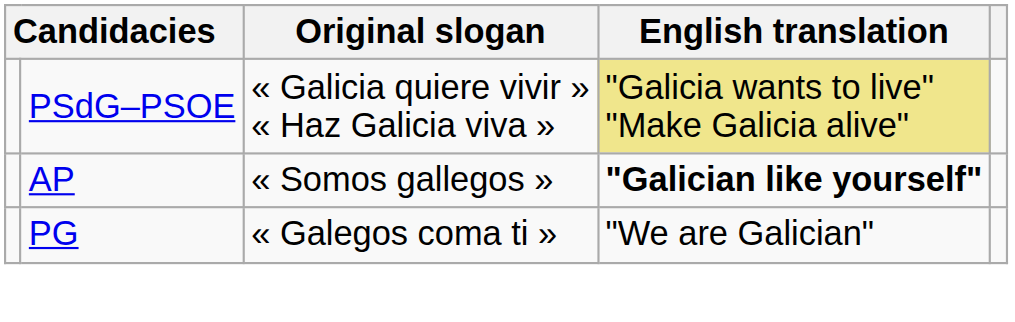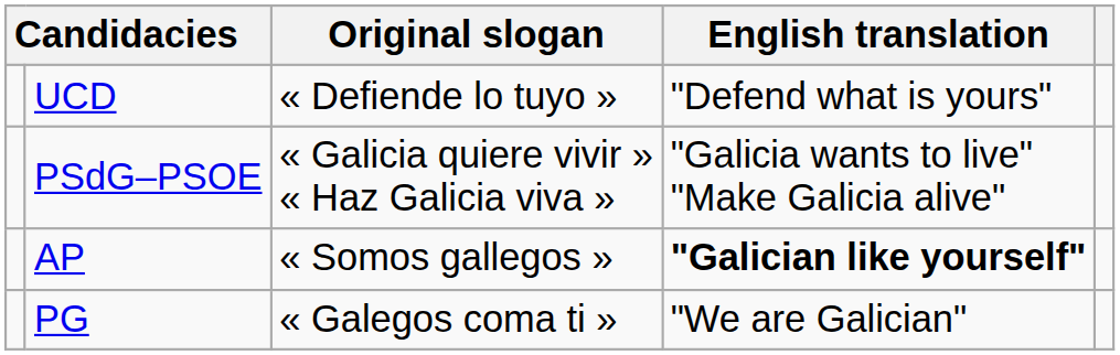 <table class="wikitable" style="text-align:left;">
 <tr>
 <th style="text-align:left;" colspan="2">Candidacies</th>
 <th>Original slogan</th>
 <th>English translation</th>
 <th></th>
 </tr>
 <tr>
+<td width="1" style="color:inherit;background:"></td>
+<td><a href='#'>UCD</a></td>
+<td>« Defiende lo tuyo »</td>
+<td>"Defend what is yours"</td>
+<td></td>
+</tr>
+<tr>
 <td style="color:inherit;background:"></td>
 <td><a href='#'>PSdG–PSOE</a></td>
 <td>« Galicia quiere vivir »<br>« Haz Galicia viva »</td>
-<td style="background: khaki;">"Galicia wants to live"<br>"Make Galicia alive"</td>
+<td>"Galicia wants to live"<br>"Make Galicia alive"</td>
 <td></td>
 </tr>
 <tr>
 <td style="color:inherit;background:"></td>
 <td><a href='#'>AP</a></td>
 <td>« Somos gallegos »</td>
 <td><strong>"Galician like yourself"</strong></td>
 <td></td>
 </tr>
 <tr>
 <td style="color:inherit;background:"></td>
 <td><a href='#'>PG</a></td>
 <td>« Galegos coma ti »</td>
 <td>"We are Galician"</td>
 <td></td>
 </tr>
 </table>
